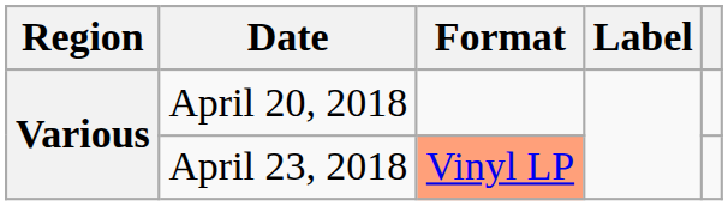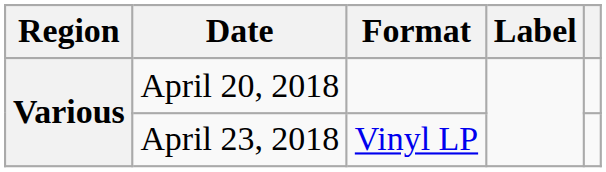 <table class="wikitable plainrowheaders">
 <tr>
 <th scope="col">Region</th>
 <th scope="col">Date</th>
 <th scope="col">Format</th>
 <th scope="col">Label</th>
 <th scope="col"></th>
 </tr>
 <tr>
 <th scope="row" rowspan="2">Various</th>
 <td>April 20, 2018</td>
 <td></td>
 <td rowspan="2"></td>
 <td align="center"></td>
 </tr>
 <tr>
 <td>April 23, 2018</td>
-<td style="background: lightsalmon;"><a href='#'>Vinyl LP</a></td>
+<td><a href='#'>Vinyl LP</a></td>
 <td align="center"></td>
 </tr>
 </table>
